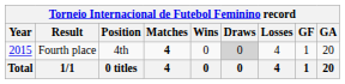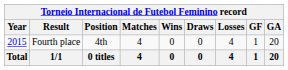 <table class="wikitable" style="text-align: center;">
 <tr>
 <th colspan=9> <a href='#'>Torneio Internacional de Futebol Feminino</a> record</th>
 </tr>
 <tr>
 <th>Year</th>
 <th>Result</th>
 <th>Position</th>
 <th>Matches</th>
 <th>Wins</th>
 <th>Draws</th>
 <th>Losses</th>
 <th>GF</th>
 <th>GA</th>
 </tr>
 <tr>
 <td> <a href='#'>2015</a></td>
 <td>Fourth place</td>
 <td>4th</td>
-<td><strong>4</strong></td>
+<td>4</td>
 <td>0</td>
-<td style="background: lightgrey;">0</td>
+<td>0</td>
 <td>4</td>
 <td>1</td>
 <td>20</td>
 </tr>
 <tr>
 <th>Total</th>
 <th>1/1</th>
 <th>0 titles</th>
 <th>4</th>
 <th>0</th>
 <th>0</th>
 <th>4</th>
 <th>1</th>
 <th>20</th>
 </tr>
 </table>
